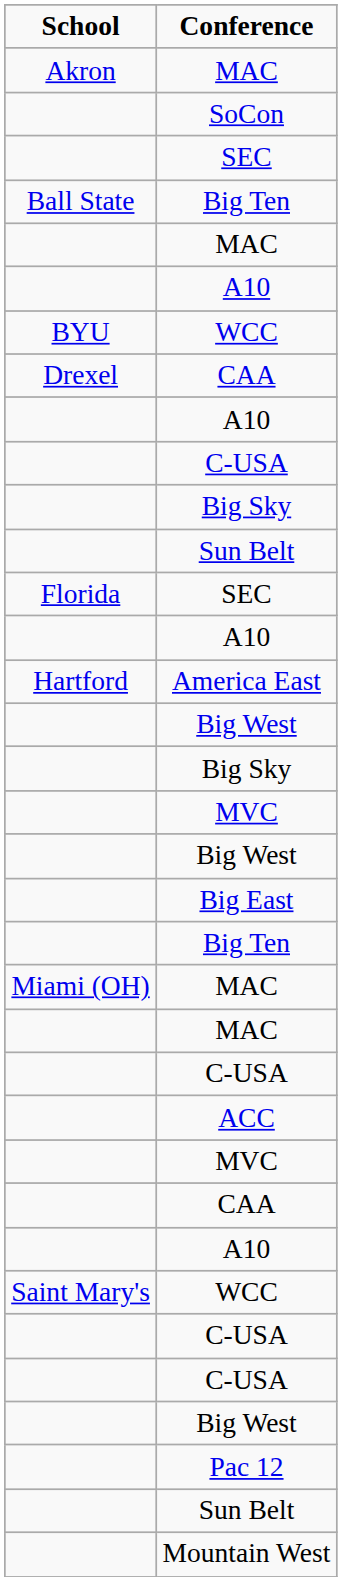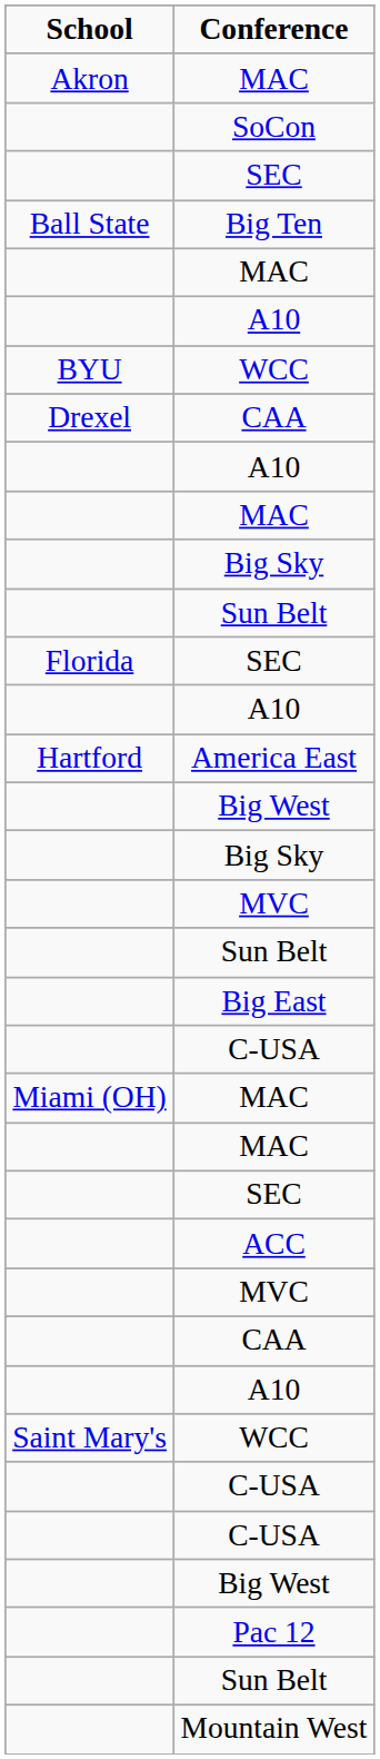 <table class="wikitable sortable" style="text-align: center;">
 <tr>
 <td><strong>School</strong></td>
 <td><strong>Conference</strong></td>
 </tr>
 <tr>
 <td><a href='#'>Akron</a> </td>
 <td><a href='#'>MAC</a></td>
 </tr>
 <tr>
 <td></td>
 <td><a href='#'>SoCon</a></td>
 </tr>
 <tr>
 <td></td>
 <td><a href='#'>SEC</a></td>
 </tr>
 <tr>
 <td><a href='#'>Ball State</a> </td>
 <td><a href='#'>Big Ten</a></td>
 </tr>
 <tr>
 <td></td>
 <td>MAC</td>
 </tr>
 <tr>
 <td></td>
 <td><a href='#'>A10</a></td>
 </tr>
 <tr>
 <td><a href='#'>BYU</a></td>
 <td><a href='#'>WCC</a></td>
 </tr>
 <tr>
 <td><a href='#'>Drexel</a></td>
 <td><a href='#'>CAA</a></td>
 </tr>
 <tr>
 <td></td>
 <td>A10</td>
 </tr>
 <tr>
 <td></td>
-<td><a href='#'>C-USA</a></td>
+<td><a href='#'>MAC</a></td>
 </tr>
 <tr>
 <td></td>
 <td><a href='#'>Big Sky</a></td>
 </tr>
 <tr>
 <td></td>
 <td><a href='#'>Sun Belt</a></td>
 </tr>
 <tr>
 <td><a href='#'>Florida</a></td>
 <td>SEC</td>
 </tr>
 <tr>
 <td></td>
 <td>A10</td>
 </tr>
 <tr>
 <td><a href='#'>Hartford</a></td>
 <td><a href='#'>America East</a></td>
 </tr>
 <tr>
 <td></td>
 <td><a href='#'>Big West</a></td>
 </tr>
 <tr>
 <td></td>
 <td>Big Sky</td>
 </tr>
 <tr>
 <td></td>
 <td><a href='#'>MVC</a></td>
 </tr>
 <tr>
 <td></td>
-<td>Big West</td>
+<td>Sun Belt</td>
 </tr>
 <tr>
 <td></td>
 <td><a href='#'>Big East</a></td>
 </tr>
 <tr>
 <td></td>
-<td><a href='#'>Big Ten</a></td>
+<td>C-USA</td>
 </tr>
 <tr>
 <td><a href='#'>Miami (OH)</a> </td>
 <td>MAC</td>
 </tr>
 <tr>
 <td></td>
 <td>MAC</td>
 </tr>
 <tr>
 <td></td>
-<td>C-USA</td>
+<td>SEC</td>
 </tr>
 <tr>
 <td></td>
 <td><a href='#'>ACC</a></td>
 </tr>
 <tr>
 <td></td>
 <td>MVC</td>
 </tr>
 <tr>
 <td></td>
 <td>CAA</td>
 </tr>
 <tr>
 <td></td>
 <td>A10</td>
 </tr>
 <tr>
 <td><a href='#'>Saint Mary's</a></td>
 <td>WCC</td>
 </tr>
 <tr>
 <td></td>
 <td>C-USA</td>
 </tr>
 <tr>
 <td></td>
 <td>C-USA</td>
 </tr>
 <tr>
 <td></td>
 <td>Big West</td>
 </tr>
 <tr>
 <td></td>
 <td><a href='#'>Pac 12</a></td>
 </tr>
 <tr>
 <td></td>
 <td>Sun Belt</td>
 </tr>
 <tr>
 <td></td>
 <td>Mountain West</td>
 </tr>
 </table>
